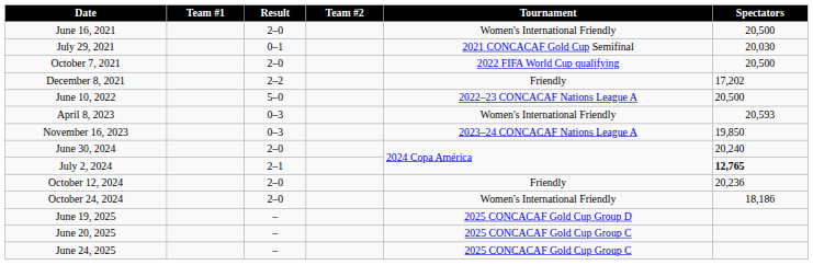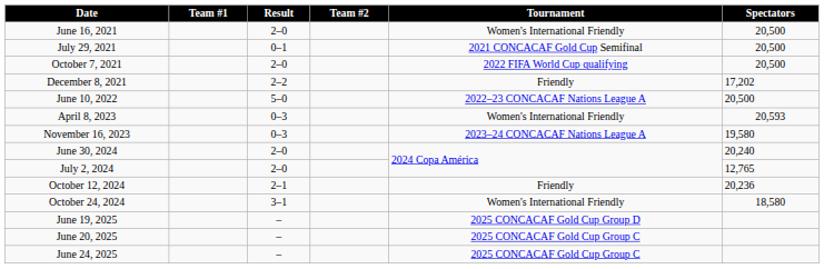 <table class="wikitable" style="text-align:left; width:95%;" style="text-align:center">
 <tr>
 <th style="text-align:center; background:#000000; color:#FFFFFF; ">Date</th>
 <th style="text-align:center; background:#000000; color:#FFFFFF; ">Team #1</th>
 <th style="text-align:center; background:#000000; color:#FFFFFF; ">Result</th>
 <th style="text-align:center; background:#000000; color:#FFFFFF; ">Team #2</th>
 <th style="text-align:center; background:#000000; color:#FFFFFF; ">Tournament</th>
 <th style="text-align:center; background:#000000; color:#FFFFFF; ">Spectators</th>
 </tr>
 <tr>
 <td style="text-align:center;">June 16, 2021</td>
 <td><strong></strong></td>
 <td style="text-align:center;">2–0</td>
 <td></td>
 <td style="text-align:center;">Women's International Friendly</td>
 <td style="text-align:center;">20,500</td>
 </tr>
 <tr>
 <td style="text-align:center;">July 29, 2021</td>
 <td></td>
 <td style="text-align:center;">0–1</td>
 <td><strong></strong></td>
 <td style="text-align:center;"><a href='#'>2021 CONCACAF Gold Cup</a> Semifinal</td>
-<td style="text-align:center;">20,030</td>
+<td style="text-align:center;">20,500</td>
 </tr>
 <tr>
 <td style="text-align:center;">October 7, 2021</td>
 <td><strong></strong></td>
 <td style="text-align:center;">2–0</td>
 <td></td>
 <td style="text-align:center;"><a href='#'>2022 FIFA World Cup qualifying</a></td>
 <td style="text-align:center;">20,500</td>
 </tr>
 <tr>
 <td style="text-align:center;">December 8, 2021</td>
 <td></td>
 <td style="text-align:center;">2–2</td>
 <td></td>
 <td style="text-align:center;">Friendly</td>
 <td>17,202</td>
 </tr>
 <tr>
 <td style="text-align:center;">June 10, 2022</td>
 <td><strong></strong></td>
 <td style="text-align:center;">5–0</td>
 <td></td>
 <td style="text-align:center;"><a href='#'>2022–23 CONCACAF Nations League A</a></td>
 <td>20,500</td>
 </tr>
 <tr>
 <td style="text-align:center;">April 8, 2023</td>
 <td><strong></strong></td>
 <td style="text-align:center;">0–3</td>
 <td></td>
 <td style="text-align:center;">Women's International Friendly</td>
 <td style="text-align:center;">20,593</td>
 </tr>
 <tr>
 <td style="text-align:center;">November 16, 2023</td>
 <td><strong></strong></td>
 <td style="text-align:center;">0–3</td>
 <td></td>
 <td style="text-align:center;"><a href='#'>2023–24 CONCACAF Nations League A</a></td>
-<td>19,850</td>
+<td>19,580</td>
 </tr>
 <tr>
 <td style="text-align:center;">June 30, 2024</td>
 <td></td>
 <td style="text-align:center;">2–0</td>
 <td><strong></strong></td>
 <td rowspan=2><a href='#'>2024 Copa América</a></td>
 <td>20,240</td>
 </tr>
 <tr>
 <td style="text-align:center;">July 2, 2024</td>
 <td><strong></strong></td>
-<td style="text-align:center;">2–1</td>
+<td style="text-align:center;">2–0</td>
 <td></td>
-<td><strong>12,765</strong></td>
+<td>12,765</td>
 </tr>
 <tr>
 <td style="text-align:center;">October 12, 2024</td>
 <td><strong></strong></td>
-<td style="text-align:center;">2–0</td>
+<td style="text-align:center;">2–1</td>
 <td></td>
 <td style="text-align:center;">Friendly</td>
 <td>20,236</td>
 </tr>
 <tr>
 <td style="text-align:center;">October 24, 2024</td>
 <td><strong></strong></td>
-<td style="text-align:center;">2–0</td>
+<td style="text-align:center;">3–1</td>
 <td></td>
 <td style="text-align:center;">Women's International Friendly</td>
-<td style="text-align:center;">18,186</td>
+<td style="text-align:center;">18,580</td>
 </tr>
 <tr>
 <td style="text-align:center;">June 19, 2025</td>
 <td></td>
 <td style="text-align:center;">–</td>
 <td></td>
 <td style="text-align:center;"><a href='#'>2025 CONCACAF Gold Cup Group D</a></td>
 <td style="text-align:center;"></td>
 </tr>
 <tr>
 <td style="text-align:center;">June 20, 2025</td>
 <td></td>
 <td style="text-align:center;">–</td>
 <td></td>
 <td style="text-align:center;"><a href='#'>2025 CONCACAF Gold Cup Group C</a></td>
 <td style="text-align:center;"></td>
 </tr>
 <tr>
 <td style="text-align:center;">June 24, 2025</td>
 <td></td>
 <td style="text-align:center;">–</td>
 <td></td>
 <td style="text-align:center;"><a href='#'>2025 CONCACAF Gold Cup Group C</a></td>
 <td style="text-align:center;"></td>
 </tr>
 </table>
